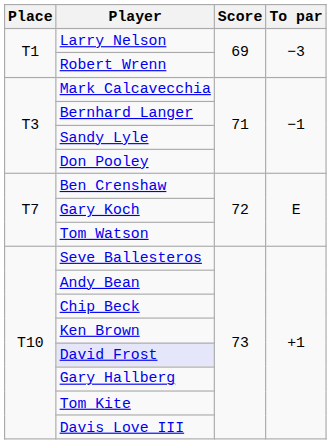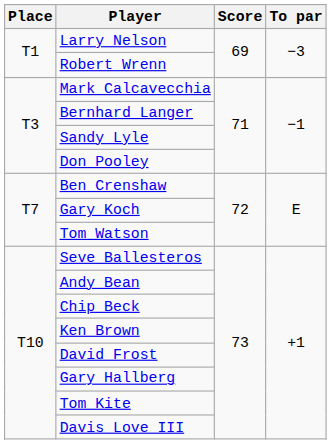 <table class="wikitable">
 <tr>
 <th>Place</th>
 <th>Player</th>
 <th>Score</th>
 <th>To par</th>
 </tr>
 <tr>
 <td rowspan=2 align="center">T1</td>
 <td> <a href='#'>Larry Nelson</a></td>
 <td rowspan=2 align="center">69</td>
 <td rowspan=2 align="center">−3</td>
 </tr>
 <tr>
 <td> <a href='#'>Robert Wrenn</a></td>
 </tr>
 <tr>
 <td rowspan=4 align="center">T3</td>
 <td> <a href='#'>Mark Calcavecchia</a></td>
 <td rowspan=4 align="center">71</td>
 <td rowspan=4 align="center">−1</td>
 </tr>
 <tr>
 <td> <a href='#'>Bernhard Langer</a></td>
 </tr>
 <tr>
 <td> <a href='#'>Sandy Lyle</a></td>
 </tr>
 <tr>
 <td> <a href='#'>Don Pooley</a></td>
 </tr>
 <tr>
 <td rowspan=3 align="center">T7</td>
 <td> <a href='#'>Ben Crenshaw</a></td>
 <td rowspan=3 align="center">72</td>
 <td rowspan=3 align="center">E</td>
 </tr>
 <tr>
 <td> <a href='#'>Gary Koch</a></td>
 </tr>
 <tr>
 <td> <a href='#'>Tom Watson</a></td>
 </tr>
 <tr>
 <td rowspan=8 align="center">T10</td>
 <td> <a href='#'>Seve Ballesteros</a></td>
 <td rowspan=8 align="center">73</td>
 <td rowspan=8 align="center">+1</td>
 </tr>
 <tr>
 <td> <a href='#'>Andy Bean</a></td>
 </tr>
 <tr>
 <td> <a href='#'>Chip Beck</a></td>
 </tr>
 <tr>
 <td> <a href='#'>Ken Brown</a></td>
 </tr>
 <tr>
-<td style="background: lavender;"> <a href='#'>David Frost</a></td>
+<td> <a href='#'>David Frost</a></td>
 </tr>
 <tr>
 <td> <a href='#'>Gary Hallberg</a></td>
 </tr>
 <tr>
 <td> <a href='#'>Tom Kite</a></td>
 </tr>
 <tr>
 <td> <a href='#'>Davis Love III</a></td>
 </tr>
 </table>
